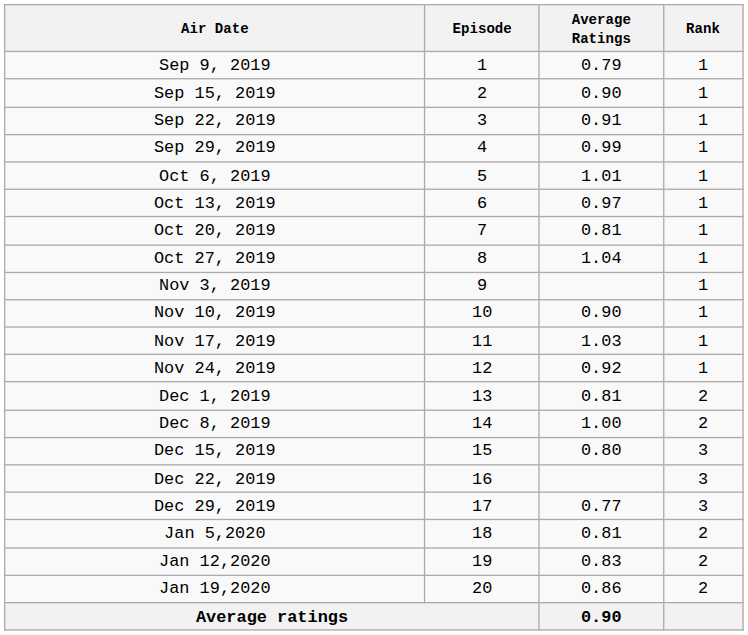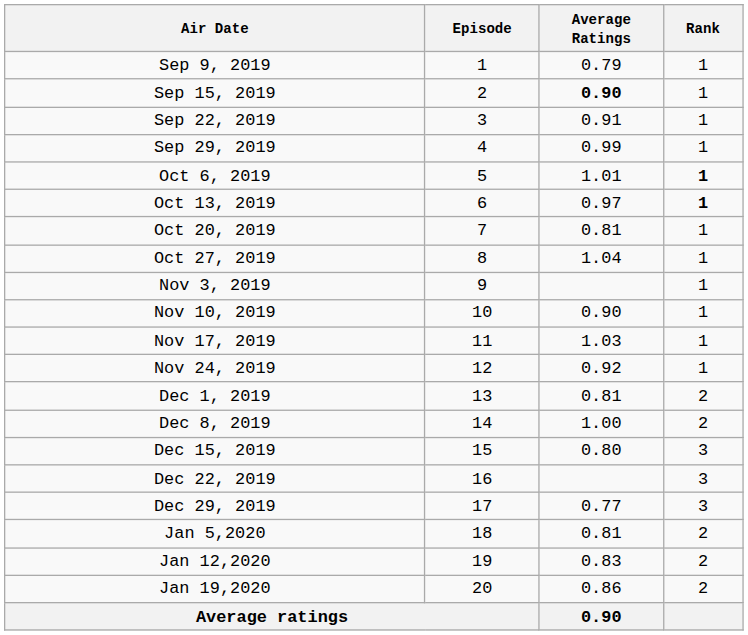 <table class="wikitable" style="text-align:center;width:45%;">
 <tr>
 <th width="25%"><small><strong>Air Date</strong></small></th>
 <th width="5%"><small><strong>Episode</strong></small></th>
 <th width="6%"><small><strong>Average Ratings</strong></small></th>
 <th width="4%"><small><strong>Rank</strong></small></th>
 </tr>
 <tr>
 <td>Sep 9, 2019</td>
 <td>1</td>
 <td>0.79</td>
 <td>1</td>
 </tr>
 <tr>
 <td>Sep 15, 2019</td>
 <td>2</td>
-<td>0.90</td>
+<td><strong>0.90</strong></td>
 <td>1</td>
 </tr>
 <tr>
 <td>Sep 22, 2019</td>
 <td>3</td>
 <td>0.91</td>
 <td>1</td>
 </tr>
 <tr>
 <td>Sep 29, 2019</td>
 <td>4</td>
 <td>0.99</td>
 <td>1</td>
 </tr>
 <tr>
 <td>Oct 6, 2019</td>
 <td>5</td>
 <td>1.01</td>
-<td>1</td>
+<td><strong>1</strong></td>
 </tr>
 <tr>
 <td>Oct 13, 2019</td>
 <td>6</td>
 <td>0.97</td>
-<td>1</td>
+<td><strong>1</strong></td>
 </tr>
 <tr>
 <td>Oct 20, 2019</td>
 <td>7</td>
 <td>0.81</td>
 <td>1</td>
 </tr>
 <tr>
 <td>Oct 27, 2019</td>
 <td>8</td>
 <td>1.04</td>
 <td>1</td>
 </tr>
 <tr>
 <td>Nov 3, 2019</td>
 <td>9</td>
 <td></td>
 <td>1</td>
 </tr>
 <tr>
 <td>Nov 10, 2019</td>
 <td>10</td>
 <td>0.90</td>
 <td>1</td>
 </tr>
 <tr>
 <td>Nov 17, 2019</td>
 <td>11</td>
 <td>1.03</td>
 <td>1</td>
 </tr>
 <tr>
 <td>Nov 24, 2019</td>
 <td>12</td>
 <td>0.92</td>
 <td>1</td>
 </tr>
 <tr>
 <td>Dec 1, 2019</td>
 <td>13</td>
 <td>0.81</td>
 <td>2</td>
 </tr>
 <tr>
 <td>Dec 8, 2019</td>
 <td>14</td>
 <td>1.00</td>
 <td>2</td>
 </tr>
 <tr>
 <td>Dec 15, 2019</td>
 <td>15</td>
 <td>0.80</td>
 <td>3</td>
 </tr>
 <tr>
 <td>Dec 22, 2019</td>
 <td>16</td>
 <td></td>
 <td>3</td>
 </tr>
 <tr>
 <td>Dec 29, 2019</td>
 <td>17</td>
 <td>0.77</td>
 <td>3</td>
 </tr>
 <tr>
 <td>Jan 5,2020</td>
 <td>18</td>
 <td>0.81</td>
 <td>2</td>
 </tr>
 <tr>
 <td>Jan 12,2020</td>
 <td>19</td>
 <td>0.83</td>
 <td>2</td>
 </tr>
 <tr>
 <td>Jan 19,2020</td>
 <td>20</td>
 <td>0.86</td>
 <td>2</td>
 </tr>
 <tr>
 <th colspan="2"><strong>Average ratings</strong></th>
 <th>0.90</th>
 <th></th>
 </tr>
 </table>
